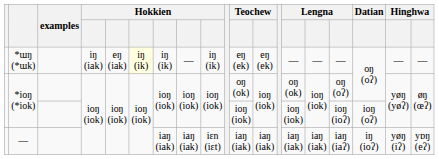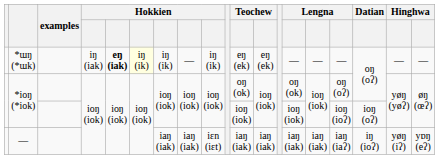 <table class="wikitable" style="text-align:center;">
 <tr>
 <th rowspan="2"></th>
 <th rowspan="2"></th>
 <th rowspan="2">examples</th>
 <th colspan="6">Hokkien</th>
 <th rowspan="6"></th>
 <th colspan="2">Teochew</th>
 <th rowspan="6"></th>
 <th colspan="3">Lengna</th>
 <th>Datian</th>
 <th colspan="2">Hinghwa</th>
 </tr>
 <tr>
 <th><br><br></th>
 <th></th>
 <th> <br> <br></th>
 <th><br></th>
 <th><br></th>
 <th></th>
 <th><br></th>
 <th></th>
 <th></th>
 <th></th>
 <th></th>
 <th></th>
 <th></th>
 <th></th>
 </tr>
 <tr>
 <td></td>
 <td>*ɯŋ<br>(*ɯk)</td>
 <td style="text-align: left;"></td>
 <td>iŋ<br>(iak)</td>
-<td>eŋ<br>(iak)</td>
+<td><strong>eŋ<br>(iak)</strong></td>
 <td style="background: lightyellow;">iŋ<br>(ik)</td>
 <td>iŋ<br>(ik)</td>
 <td>—</td>
 <td>iŋ<br>(ik)</td>
 <td>eŋ<br>(ek)</td>
 <td>eŋ<br>(ek)</td>
 <td>—</td>
 <td>—</td>
 <td>—</td>
 <td rowspan="2">oŋ<br>(oʔ)</td>
 <td>—</td>
 <td>—</td>
 </tr>
 <tr>
 <td rowspan="2"></td>
 <td rowspan="2">*ioŋ<br>(*iok)</td>
 <td style="text-align: left;"></td>
 <td rowspan="3">ioŋ<br>(iok)</td>
 <td rowspan="3">ioŋ<br>(iok)</td>
 <td rowspan="3">ioŋ<br>(iok)</td>
 <td rowspan="2">ioŋ<br>(iok)</td>
 <td rowspan="2">ioŋ<br>(iok)</td>
 <td rowspan="2">ioŋ<br>(iok)</td>
 <td>oŋ<br>(ok)</td>
 <td rowspan="2">ioŋ<br>(iok)</td>
 <td>oŋ<br>(ok)</td>
 <td rowspan="2">ioŋ<br>(iok)</td>
 <td>oŋ<br>(oʔ)</td>
 <td rowspan="2">yøŋ<br>(yøʔ)</td>
 <td rowspan="2">øŋ<br>(œʔ)</td>
 </tr>
 <tr>
 <td style="text-align: left;"></td>
 <td>ioŋ<br>(iok)</td>
 <td>ioŋ<br>(iok)</td>
 <td>ioŋ<br>(ioʔ)</td>
 <td>ioŋ<br>(oʔ)</td>
 </tr>
 <tr>
 <td></td>
 <td>—</td>
 <td style="text-align: left;"></td>
 <td>iaŋ<br>(iak)</td>
 <td>iaŋ<br>(iak)</td>
 <td>iɛn<br>(iɛt)</td>
 <td>iaŋ<br>(iak)</td>
 <td>iaŋ<br>(iak)</td>
 <td>iaŋ<br>(iak)</td>
 <td>iaŋ<br>(iak)</td>
 <td>iaŋ<br>(iaʔ)</td>
 <td>iŋ<br>(ioʔ)</td>
 <td>yøŋ<br>(iʔ)</td>
 <td>yɒŋ<br>(eʔ)</td>
 </tr>
 </table>
